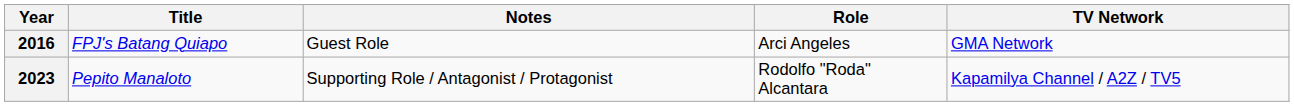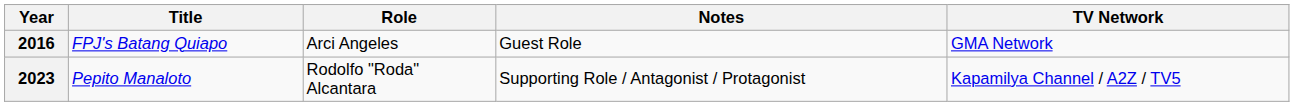 <table class="wikitable plainrowheaders sortable">
 <tr>
 <th scope="col">Year</th>
 <th scope="col">Title</th>
+<th style="width:15%">Role</th>
 <th>Notes</th>
-<th style="width:15%">Role</th>
 <th>TV Network</th>
 </tr>
 <tr>
 <th scope=row>2016</th>
 <td><a href='#'><em>FPJ's Batang Quiapo</em></a></td>
+<td>Arci Angeles</td>
 <td>Guest Role</td>
-<td>Arci Angeles</td>
 <td><a href='#'>GMA Network</a></td>
 </tr>
 <tr>
 <th scope="row">2023</th>
 <td><em><a href='#'>Pepito Manaloto</a></em></td>
+<td>Rodolfo "Roda" Alcantara</td>
 <td>Supporting Role / Antagonist / Protagonist</td>
-<td>Rodolfo "Roda" Alcantara</td>
 <td><a href='#'>Kapamilya Channel</a> / <a href='#'>A2Z</a> / <a href='#'>TV5</a></td>
 </tr>
 </table>
